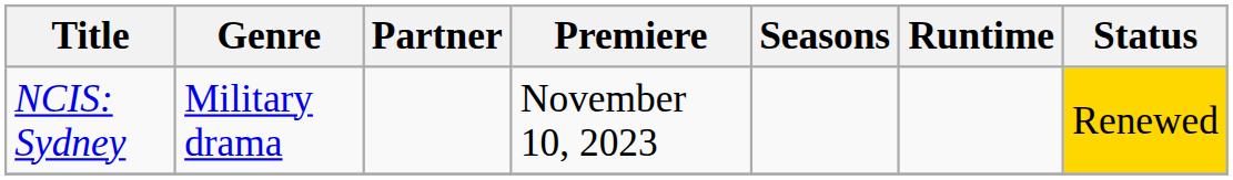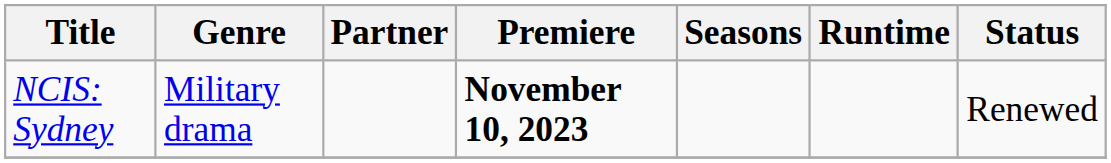 <table class="wikitable sortable" style="width:80%;">
 <tr>
 <th>Title</th>
 <th>Genre</th>
 <th>Partner</th>
 <th>Premiere</th>
 <th>Seasons</th>
 <th>Runtime</th>
 <th>Status</th>
 </tr>
 <tr>
 <td><em><a href='#'>NCIS: Sydney</a></em></td>
 <td><a href='#'>Military</a> <a href='#'>drama</a></td>
 <td></td>
-<td>November 10, 2023</td>
+<td><strong>November 10, 2023</strong></td>
 <td></td>
 <td></td>
-<td style="background: gold;">Renewed</td>
+<td>Renewed</td>
 </tr>
 <tr>
 </tr>
 </table>
